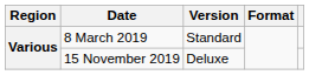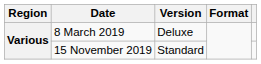 <table class="wikitable plainrowheaders">
 <tr>
 <th scope="col">Region</th>
 <th scope="col">Date</th>
 <th scope="col">Version</th>
 <th scope="col">Format</th>
 <th scope="col"></th>
 </tr>
 <tr>
 <th scope="row" rowspan="2">Various</th>
 <td>8 March 2019</td>
-<td>Standard</td>
+<td>Deluxe</td>
 <td rowspan="2"></td>
 <td style="text-align:center;"></td>
 </tr>
 <tr>
 <td>15 November 2019</td>
-<td>Deluxe</td>
+<td>Standard</td>
 <td style="text-align:center;"></td>
 </tr>
 </table>
